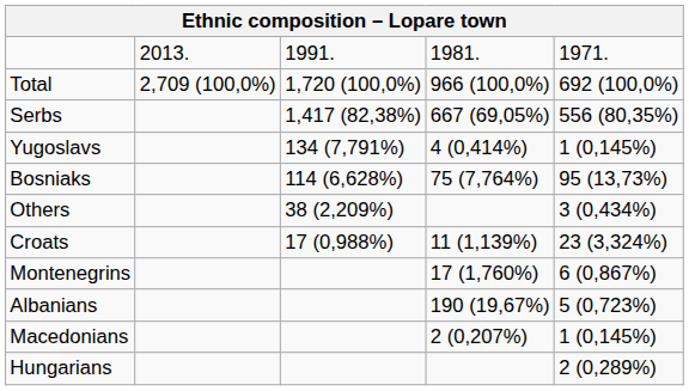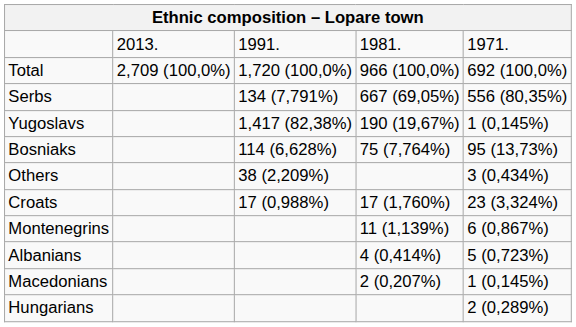 <table class="wikitable">
 <tr>
 <th colspan="8">Ethnic composition – Lopare town</th>
 </tr>
 <tr>
 <td></td>
 <td>2013.</td>
 <td>1991.</td>
 <td>1981.</td>
 <td>1971.</td>
 </tr>
 <tr>
 <td>Total</td>
 <td>2,709 (100,0%)</td>
 <td>1,720 (100,0%)</td>
 <td>966 (100,0%)</td>
 <td>692 (100,0%)</td>
 </tr>
 <tr>
 <td>Serbs</td>
 <td></td>
-<td>1,417 (82,38%)</td>
+<td>134 (7,791%)</td>
 <td>667 (69,05%)</td>
 <td>556 (80,35%)</td>
 </tr>
 <tr>
 <td>Yugoslavs</td>
 <td></td>
-<td>134 (7,791%)</td>
-<td>4 (0,414%)</td>
+<td>1,417 (82,38%)</td>
+<td>190 (19,67%)</td>
 <td>1 (0,145%)</td>
 </tr>
 <tr>
 <td>Bosniaks</td>
 <td></td>
 <td>114 (6,628%)</td>
 <td>75 (7,764%)</td>
 <td>95 (13,73%)</td>
 </tr>
 <tr>
 <td>Others</td>
 <td></td>
 <td>38 (2,209%)</td>
 <td></td>
 <td>3 (0,434%)</td>
 </tr>
 <tr>
 <td>Croats</td>
 <td></td>
 <td>17 (0,988%)</td>
-<td>11 (1,139%)</td>
+<td>17 (1,760%)</td>
 <td>23 (3,324%)</td>
 </tr>
 <tr>
 <td>Montenegrins</td>
 <td></td>
 <td></td>
-<td>17 (1,760%)</td>
+<td>11 (1,139%)</td>
 <td>6 (0,867%)</td>
 </tr>
 <tr>
 <td>Albanians</td>
 <td></td>
 <td></td>
-<td>190 (19,67%)</td>
+<td>4 (0,414%)</td>
 <td>5 (0,723%)</td>
 </tr>
 <tr>
 <td>Macedonians</td>
 <td></td>
 <td></td>
 <td>2 (0,207%)</td>
 <td>1 (0,145%)</td>
 </tr>
 <tr>
 <td>Hungarians</td>
 <td></td>
 <td></td>
 <td></td>
 <td>2 (0,289%)</td>
 </tr>
 </table>
